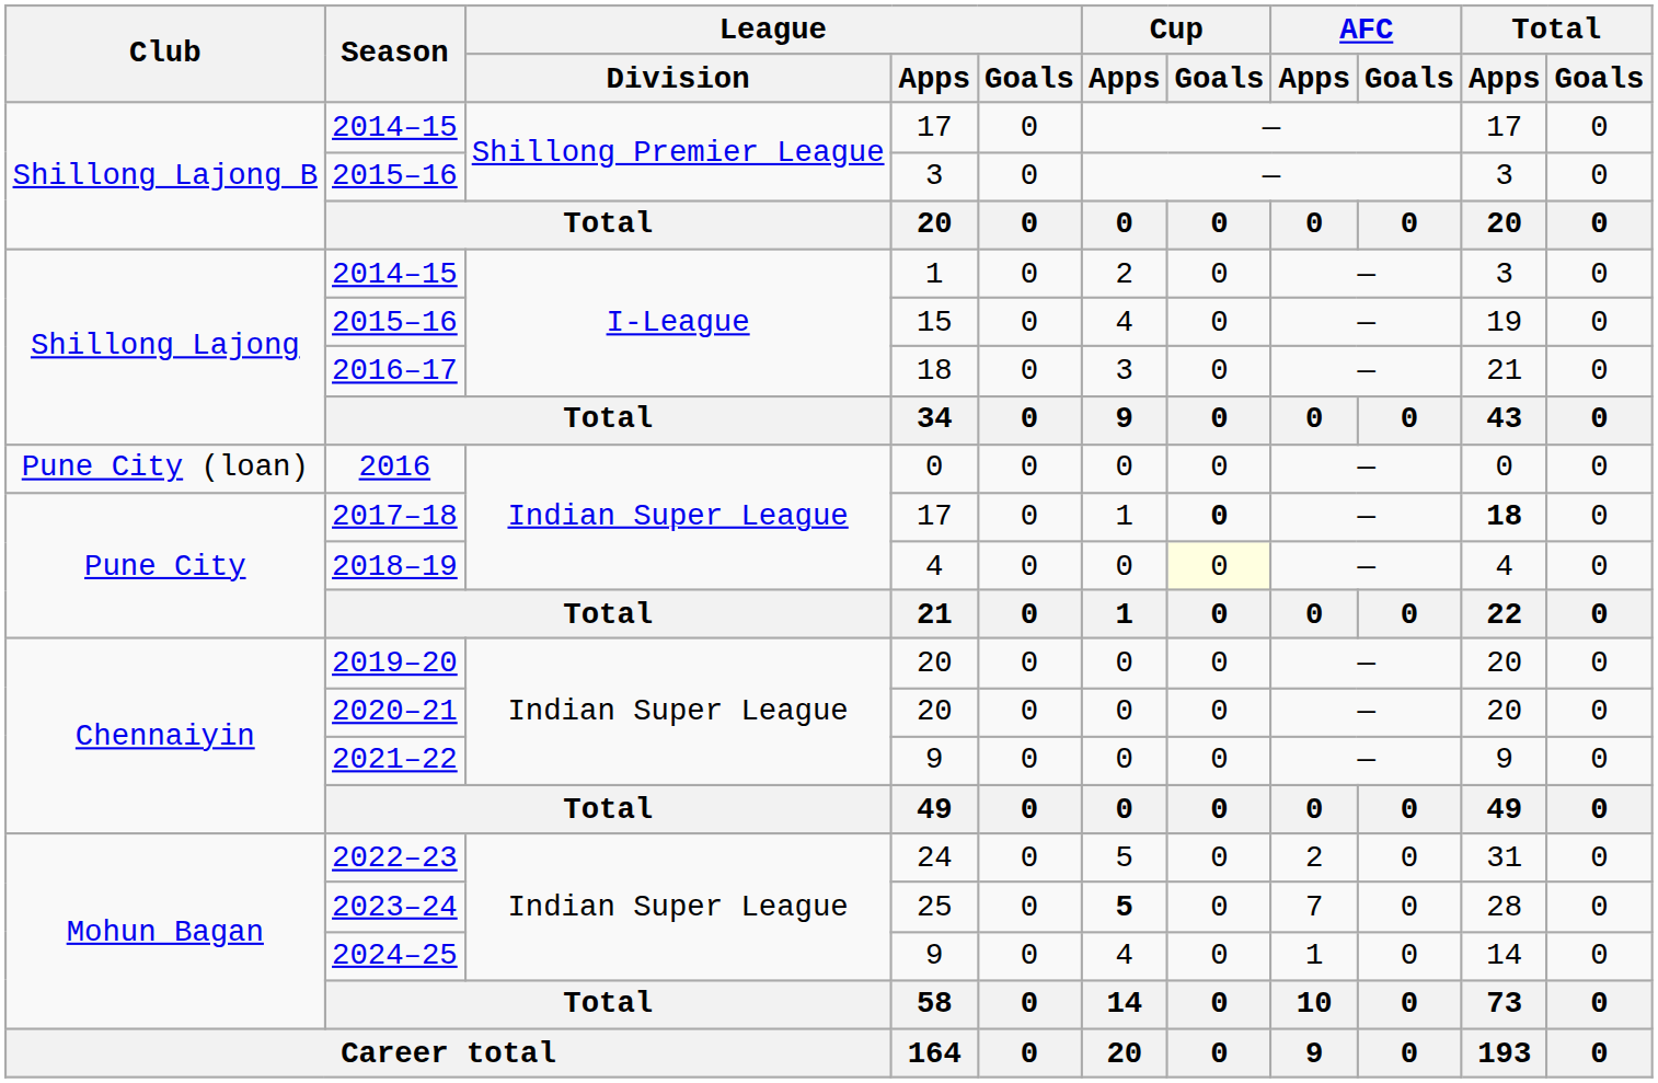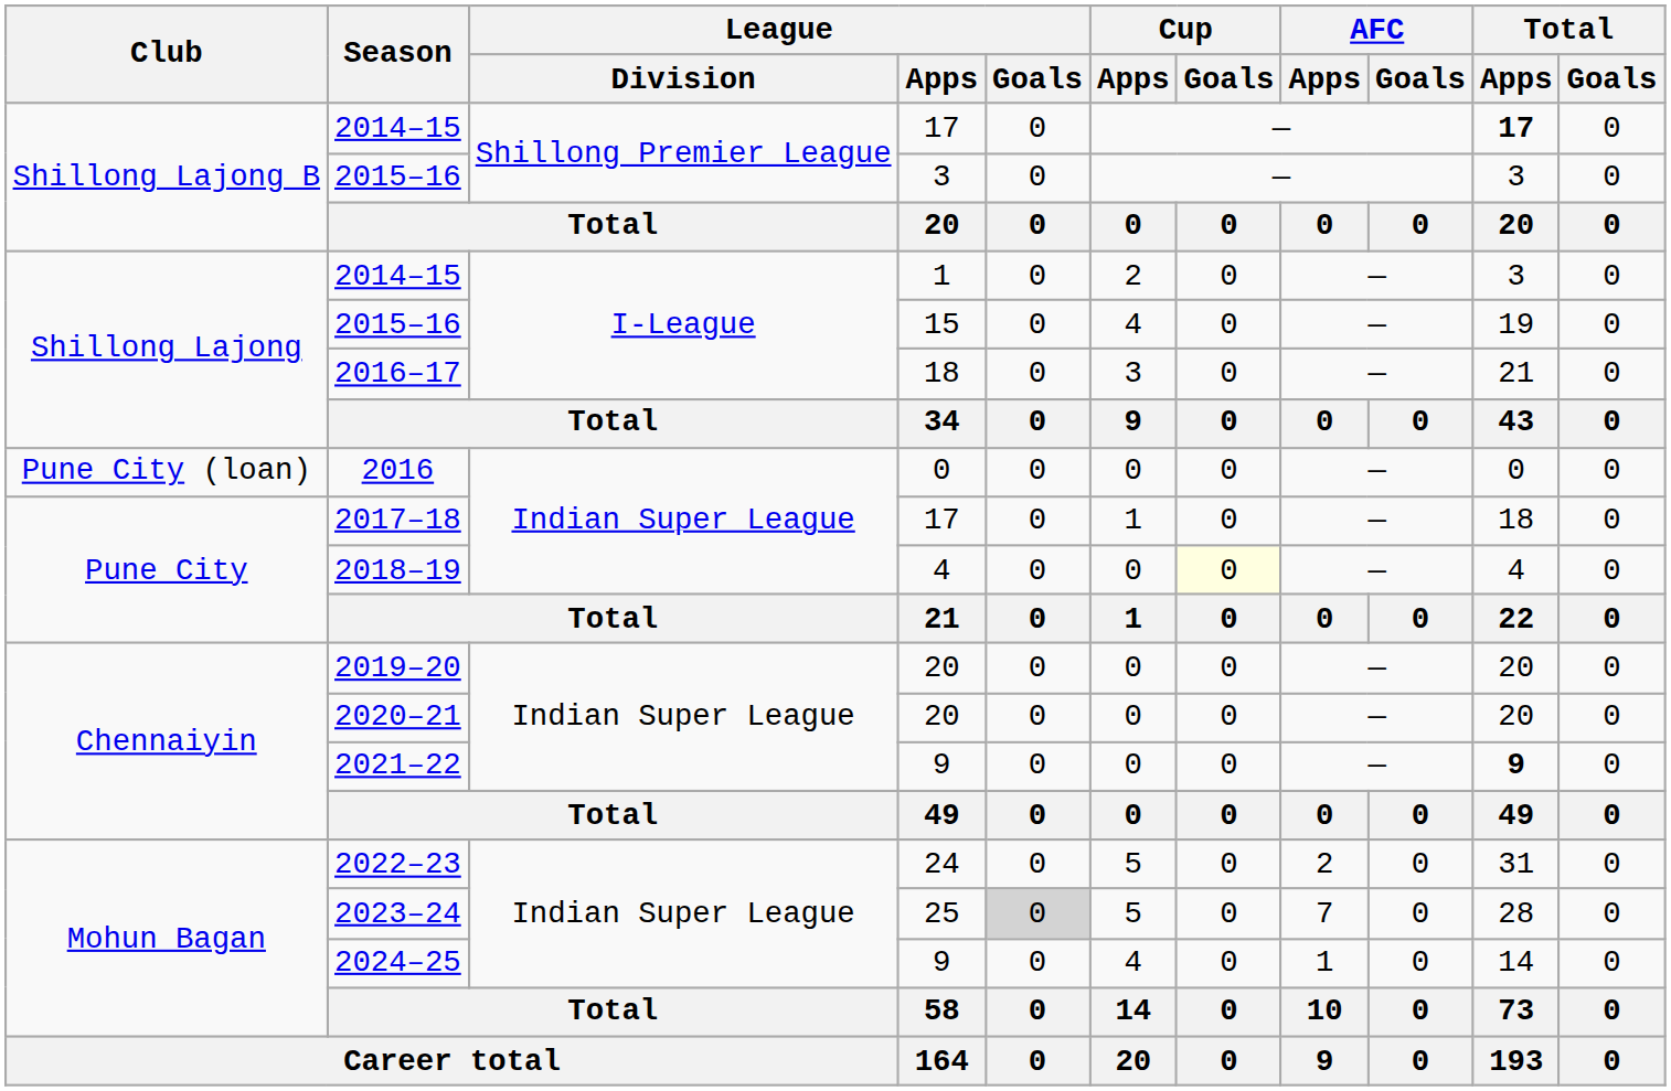 <table class="wikitable" style="font-size; text-align:center;">
 <tr>
 <th rowspan="2">Club</th>
 <th rowspan="2">Season</th>
 <th colspan="3">League</th>
 <th colspan="2">Cup</th>
 <th colspan="2"><a href='#'>AFC</a></th>
 <th colspan="2">Total</th>
 </tr>
 <tr>
 <th>Division</th>
 <th>Apps</th>
 <th>Goals</th>
 <th>Apps</th>
 <th>Goals</th>
 <th>Apps</th>
 <th>Goals</th>
 <th>Apps</th>
 <th>Goals</th>
 </tr>
 <tr>
 <td rowspan="3"><a href='#'>Shillong Lajong B</a></td>
 <td><a href='#'>2014–15</a></td>
 <td rowspan="2"><a href='#'>Shillong Premier League</a></td>
 <td>17</td>
 <td>0</td>
 <td colspan="4">—</td>
-<td>17</td>
+<td><strong>17</strong></td>
 <td>0</td>
 </tr>
 <tr>
 <td><a href='#'>2015–16</a></td>
 <td>3</td>
 <td>0</td>
 <td colspan="4">—</td>
 <td>3</td>
 <td>0</td>
 </tr>
 <tr>
 <th colspan="2">Total</th>
 <th>20</th>
 <th>0</th>
 <th>0</th>
 <th>0</th>
 <th>0</th>
 <th>0</th>
 <th>20</th>
 <th>0</th>
 </tr>
 <tr>
 <td rowspan="4"><a href='#'>Shillong Lajong</a></td>
 <td><a href='#'>2014–15</a></td>
 <td rowspan="3"><a href='#'>I-League</a></td>
 <td>1</td>
 <td>0</td>
 <td>2</td>
 <td>0</td>
 <td colspan="2">—</td>
 <td>3</td>
 <td>0</td>
 </tr>
 <tr>
 <td><a href='#'>2015–16</a></td>
 <td>15</td>
 <td>0</td>
 <td>4</td>
 <td>0</td>
 <td colspan="2">—</td>
 <td>19</td>
 <td>0</td>
 </tr>
 <tr>
 <td><a href='#'>2016–17</a></td>
 <td>18</td>
 <td>0</td>
 <td>3</td>
 <td>0</td>
 <td colspan="2">—</td>
 <td>21</td>
 <td>0</td>
 </tr>
 <tr>
 <th colspan="2">Total</th>
 <th>34</th>
 <th>0</th>
 <th>9</th>
 <th>0</th>
 <th>0</th>
 <th>0</th>
 <th>43</th>
 <th>0</th>
 </tr>
 <tr>
 <td rowspan="1"><a href='#'>Pune City</a> (loan)</td>
 <td><a href='#'>2016</a></td>
 <td rowspan="3"><a href='#'>Indian Super League</a></td>
 <td>0</td>
 <td>0</td>
 <td>0</td>
 <td>0</td>
 <td colspan="2">—</td>
 <td>0</td>
 <td>0</td>
 </tr>
 <tr>
 <td rowspan="3"><a href='#'>Pune City</a></td>
 <td><a href='#'>2017–18</a></td>
 <td>17</td>
 <td>0</td>
 <td>1</td>
-<td><strong>0</strong></td>
+<td>0</td>
 <td colspan="2">—</td>
-<td><strong>18</strong></td>
+<td>18</td>
 <td>0</td>
 </tr>
 <tr>
 <td><a href='#'>2018–19</a></td>
 <td>4</td>
 <td>0</td>
 <td>0</td>
 <td style="background: lightyellow;">0</td>
 <td colspan="2">—</td>
 <td>4</td>
 <td>0</td>
 </tr>
 <tr>
 <th colspan="2">Total</th>
 <th>21</th>
 <th>0</th>
 <th>1</th>
 <th>0</th>
 <th>0</th>
 <th>0</th>
 <th>22</th>
 <th>0</th>
 </tr>
 <tr>
 <td rowspan="4"><a href='#'>Chennaiyin</a></td>
 <td><a href='#'>2019–20</a></td>
 <td rowspan="3">Indian Super League</td>
 <td>20</td>
 <td>0</td>
 <td>0</td>
 <td>0</td>
 <td colspan="2">—</td>
 <td>20</td>
 <td>0</td>
 </tr>
 <tr>
 <td><a href='#'>2020–21</a></td>
 <td>20</td>
 <td>0</td>
 <td>0</td>
 <td>0</td>
 <td colspan="2">—</td>
 <td>20</td>
 <td>0</td>
 </tr>
 <tr>
 <td><a href='#'>2021–22</a></td>
 <td>9</td>
 <td>0</td>
 <td>0</td>
 <td>0</td>
 <td colspan="2">—</td>
-<td>9</td>
+<td><strong>9</strong></td>
 <td>0</td>
 </tr>
 <tr>
 <th colspan="2">Total</th>
 <th>49</th>
 <th>0</th>
 <th>0</th>
 <th>0</th>
 <th>0</th>
 <th>0</th>
 <th>49</th>
 <th>0</th>
 </tr>
 <tr>
 <td rowspan="4"><a href='#'>Mohun Bagan</a></td>
 <td><a href='#'>2022–23</a></td>
 <td rowspan="3">Indian Super League</td>
 <td>24</td>
 <td>0</td>
 <td>5</td>
 <td>0</td>
 <td>2</td>
 <td>0</td>
 <td>31</td>
 <td>0</td>
 </tr>
 <tr>
 <td><a href='#'>2023–24</a></td>
 <td>25</td>
-<td>0</td>
-<td><strong>5</strong></td>
+<td style="background: lightgrey;">0</td>
+<td>5</td>
 <td>0</td>
 <td>7</td>
 <td>0</td>
 <td>28</td>
 <td>0</td>
 </tr>
 <tr>
 <td><a href='#'>2024–25</a></td>
 <td>9</td>
 <td>0</td>
 <td>4</td>
 <td>0</td>
 <td>1</td>
 <td>0</td>
 <td>14</td>
 <td>0</td>
 </tr>
 <tr>
 <th colspan="2">Total</th>
 <th>58</th>
 <th>0</th>
 <th>14</th>
 <th>0</th>
 <th>10</th>
 <th>0</th>
 <th>73</th>
 <th>0</th>
 </tr>
 <tr>
 <th colspan="3">Career total</th>
 <th>164</th>
 <th>0</th>
 <th>20</th>
 <th>0</th>
 <th>9</th>
 <th>0</th>
 <th>193</th>
 <th>0</th>
 </tr>
 </table>
